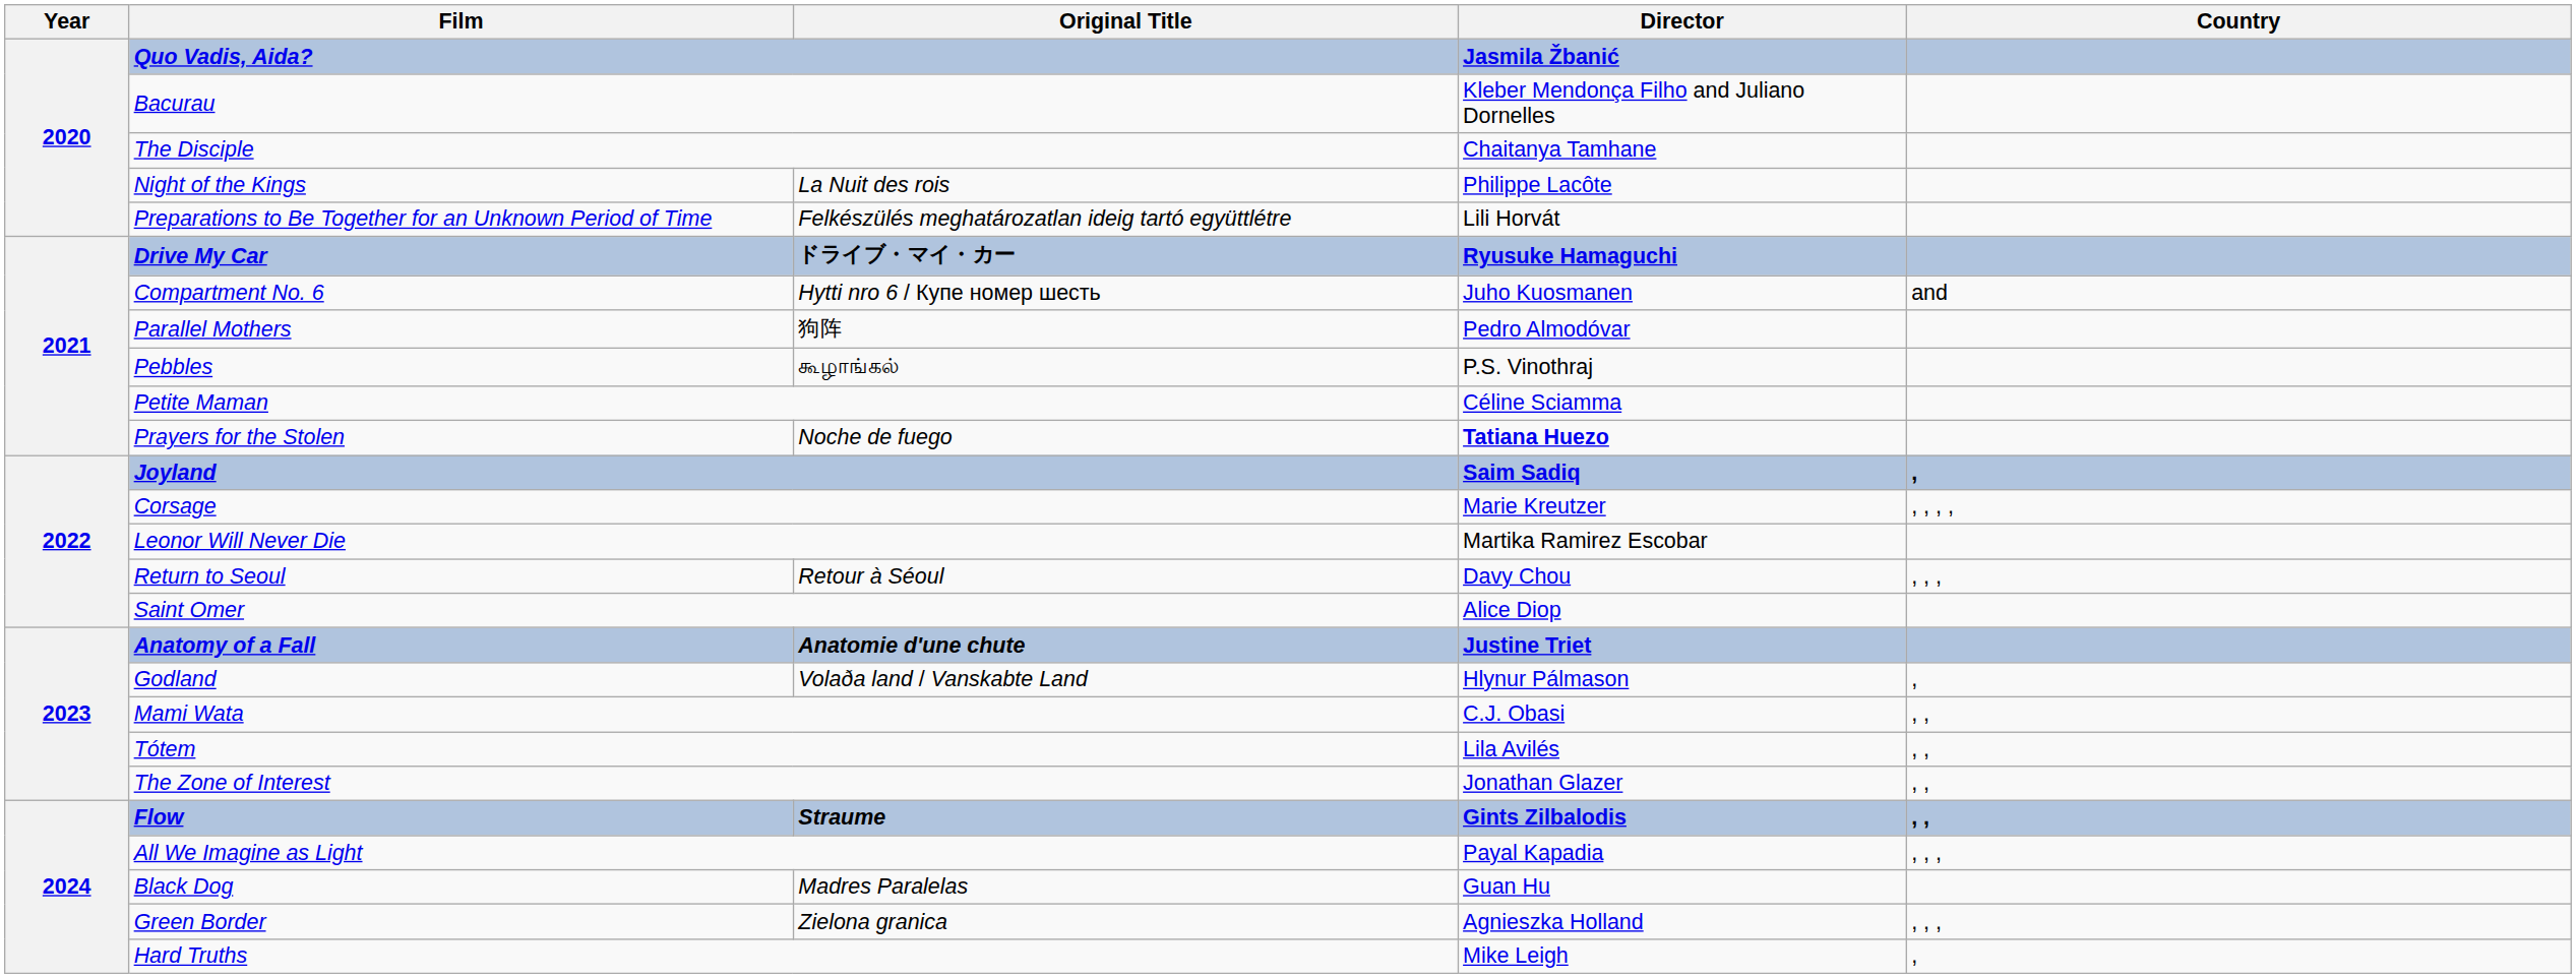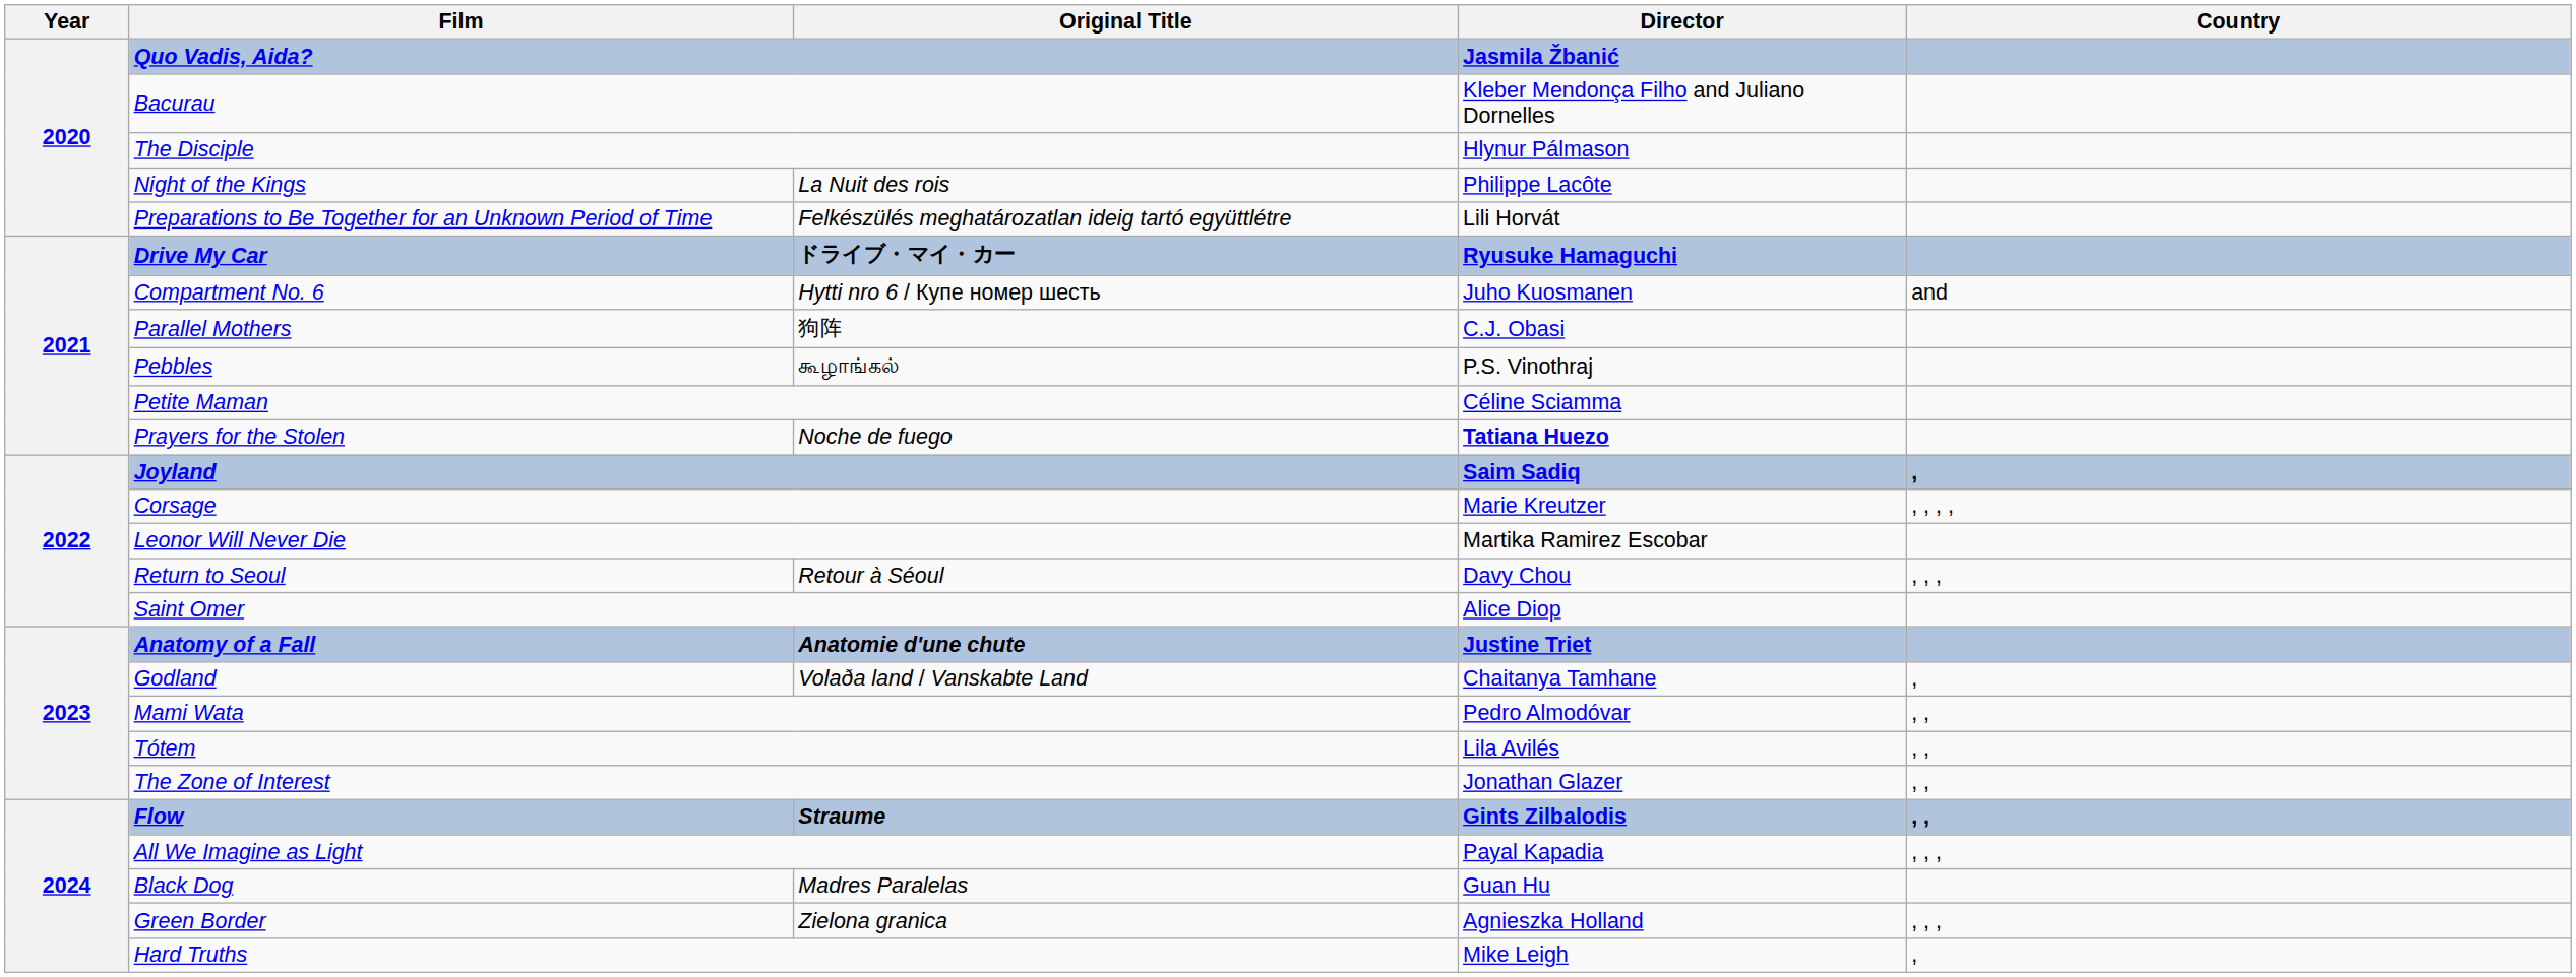 <table class="wikitable" width="95%" cellpadding="5">
 <tr>
 <th width="50">Year</th>
 <th width="300">Film</th>
 <th width="300">Original Title</th>
 <th width="200">Director</th>
 <th width="300">Country</th>
 </tr>
 <tr>
 <th rowspan="5" style="text-align:center;"><a href='#'>2020</a><br></th>
 <td colspan="2" style="background:#B0C4DE;"><strong><em><a href='#'>Quo Vadis, Aida?</a></em></strong></td>
 <td style="background:#B0C4DE;"><strong><a href='#'>Jasmila Žbanić</a></strong></td>
 <td style="background:#B0C4DE;"><strong></strong></td>
 </tr>
 <tr>
 <td colspan="2"><em><a href='#'>Bacurau</a></em></td>
 <td><a href='#'>Kleber Mendonça Filho</a> and Juliano Dornelles</td>
 <td></td>
 </tr>
 <tr>
 <td colspan="2"><em><a href='#'>The Disciple</a></em></td>
-<td><a href='#'>Chaitanya Tamhane</a></td>
+<td><a href='#'>Hlynur Pálmason</a></td>
 <td></td>
 </tr>
 <tr>
 <td><em><a href='#'>Night of the Kings</a></em></td>
 <td><em>La Nuit des rois</em></td>
 <td><a href='#'>Philippe Lacôte</a></td>
 <td></td>
 </tr>
 <tr>
 <td><em><a href='#'>Preparations to Be Together for an Unknown Period of Time</a></em></td>
 <td><em>Felkészülés meghatározatlan ideig tartó együttlétre</em></td>
 <td>Lili Horvát</td>
 <td></td>
 </tr>
 <tr>
 <th rowspan="6" style="text-align:center;"><a href='#'>2021</a><br></th>
 <td style="background:#B0C4DE;"><strong><em><a href='#'>Drive My Car</a></em></strong></td>
 <td style="background:#B0C4DE;"><strong>ドライブ・マイ・カー</strong></td>
 <td style="background:#B0C4DE;"><strong><a href='#'>Ryusuke Hamaguchi</a></strong></td>
 <td style="background:#B0C4DE;"><strong></strong></td>
 </tr>
 <tr>
 <td><em><a href='#'>Compartment No. 6</a></em></td>
 <td><em>Hytti nro 6</em> / Купе номер шесть</td>
 <td><a href='#'>Juho Kuosmanen</a></td>
 <td> and </td>
 </tr>
 <tr>
 <td><em><a href='#'>Parallel Mothers</a></em></td>
 <td>狗阵</td>
-<td><a href='#'>Pedro Almodóvar</a></td>
+<td><a href='#'>C.J. Obasi</a></td>
 <td></td>
 </tr>
 <tr>
 <td><em><a href='#'>Pebbles</a></em></td>
 <td>கூழாங்கல்</td>
 <td>P.S. Vinothraj</td>
 <td></td>
 </tr>
 <tr>
 <td colspan="2"><em><a href='#'>Petite Maman</a></em></td>
 <td><a href='#'>Céline Sciamma</a></td>
 <td></td>
 </tr>
 <tr>
 <td><em><a href='#'>Prayers for the Stolen</a></em></td>
 <td><em>Noche de fuego</em></td>
 <td><strong><a href='#'>Tatiana Huezo</a></strong></td>
 <td></td>
 </tr>
 <tr>
 <th rowspan="5" style="text-align:center;"><a href='#'>2022</a><br></th>
 <td colspan="2" style="background:#B0C4DE;"><strong><em><a href='#'>Joyland</a></em></strong></td>
 <td style="background:#B0C4DE;"><strong><a href='#'>Saim Sadiq</a></strong></td>
 <td style="background:#B0C4DE;"><strong>, </strong></td>
 </tr>
 <tr>
 <td colspan="2"><em><a href='#'>Corsage</a></em></td>
 <td><a href='#'>Marie Kreutzer</a></td>
 <td>, , , , </td>
 </tr>
 <tr>
 <td colspan="2"><em><a href='#'>Leonor Will Never Die</a></em></td>
 <td>Martika Ramirez Escobar</td>
 <td></td>
 </tr>
 <tr>
 <td><em><a href='#'>Return to Seoul</a></em></td>
 <td><em>Retour à Séoul</em></td>
 <td><a href='#'>Davy Chou</a></td>
 <td>, , , </td>
 </tr>
 <tr>
 <td colspan="2"><em><a href='#'>Saint Omer</a></em></td>
 <td><a href='#'>Alice Diop</a></td>
 <td></td>
 </tr>
 <tr>
 <th rowspan="5" style="text-align:center;"><a href='#'>2023</a><br></th>
 <td style="background:#B0C4DE;"><strong><em><a href='#'>Anatomy of a Fall</a></em></strong></td>
 <td style="background:#B0C4DE;"><strong><em>Anatomie d'une chute</em></strong></td>
 <td style="background:#B0C4DE;"><strong><a href='#'>Justine Triet</a></strong></td>
 <td style="background:#B0C4DE;"><strong></strong></td>
 </tr>
 <tr>
 <td><em><a href='#'>Godland</a></em></td>
 <td><em>Volaða land</em> / <em>Vanskabte Land</em></td>
-<td><a href='#'>Hlynur Pálmason</a></td>
+<td><a href='#'>Chaitanya Tamhane</a></td>
 <td>, </td>
 </tr>
 <tr>
 <td colspan="2"><em><a href='#'>Mami Wata</a></em></td>
-<td><a href='#'>C.J. Obasi</a></td>
+<td><a href='#'>Pedro Almodóvar</a></td>
 <td>, , </td>
 </tr>
 <tr>
 <td colspan="2"><em><a href='#'>Tótem</a></em></td>
 <td><a href='#'>Lila Avilés</a></td>
 <td>, , </td>
 </tr>
 <tr>
 <td colspan="2"><em><a href='#'>The Zone of Interest</a></em></td>
 <td><a href='#'>Jonathan Glazer</a></td>
 <td>, , </td>
 </tr>
 <tr>
 <th rowspan="5" style="text-align:center;"><a href='#'>2024</a><br></th>
 <td style="background:#B0C4DE;"><strong><em><a href='#'>Flow</a></em></strong></td>
 <td style="background:#B0C4DE;"><strong><em>Straume</em></strong></td>
 <td style="background:#B0C4DE;"><strong><a href='#'>Gints Zilbalodis</a></strong></td>
 <td style="background:#B0C4DE;"><strong>, , </strong></td>
 </tr>
 <tr>
 <td colspan="2"><em><a href='#'>All We Imagine as Light</a></em></td>
 <td><a href='#'>Payal Kapadia</a></td>
 <td>, , , </td>
 </tr>
 <tr>
 <td><em><a href='#'>Black Dog</a></em></td>
 <td><em>Madres Paralelas</em></td>
 <td><a href='#'>Guan Hu</a></td>
 <td></td>
 </tr>
 <tr>
 <td><em><a href='#'>Green Border</a></em></td>
 <td><em>Zielona granica</em></td>
 <td><a href='#'>Agnieszka Holland</a></td>
 <td>, , , </td>
 </tr>
 <tr>
 <td colspan="2"><em><a href='#'>Hard Truths</a></em></td>
 <td><a href='#'>Mike Leigh</a></td>
 <td>, </td>
 </tr>
 </table>
